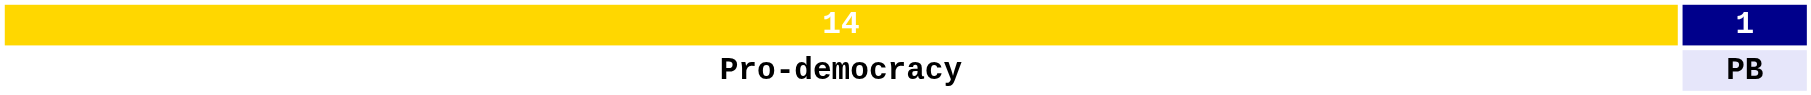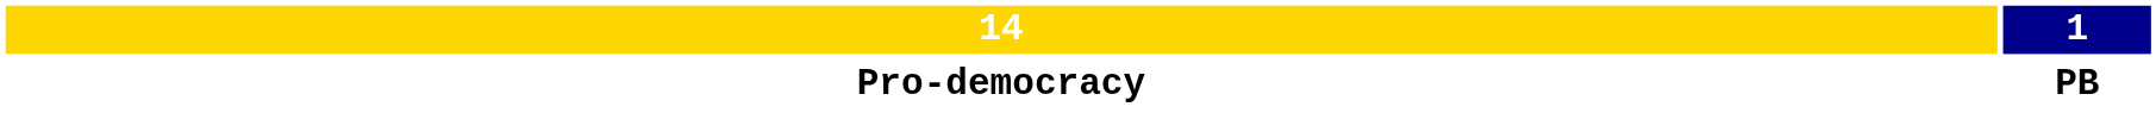 <table style="width:60%; text-align:center;">
 <tr style="color:white;">
 <td style="background:gold; width:93%;"><strong>14</strong></td>
 <td style="background:darkblue; width:7%;"><strong>1</strong></td>
 </tr>
 <tr>
 <td><span><strong>Pro-democracy</strong></span></td>
-<td style="background: lavender;"><span><strong>PB</strong></span></td>
+<td><span><strong>PB</strong></span></td>
 </tr>
 </table>
